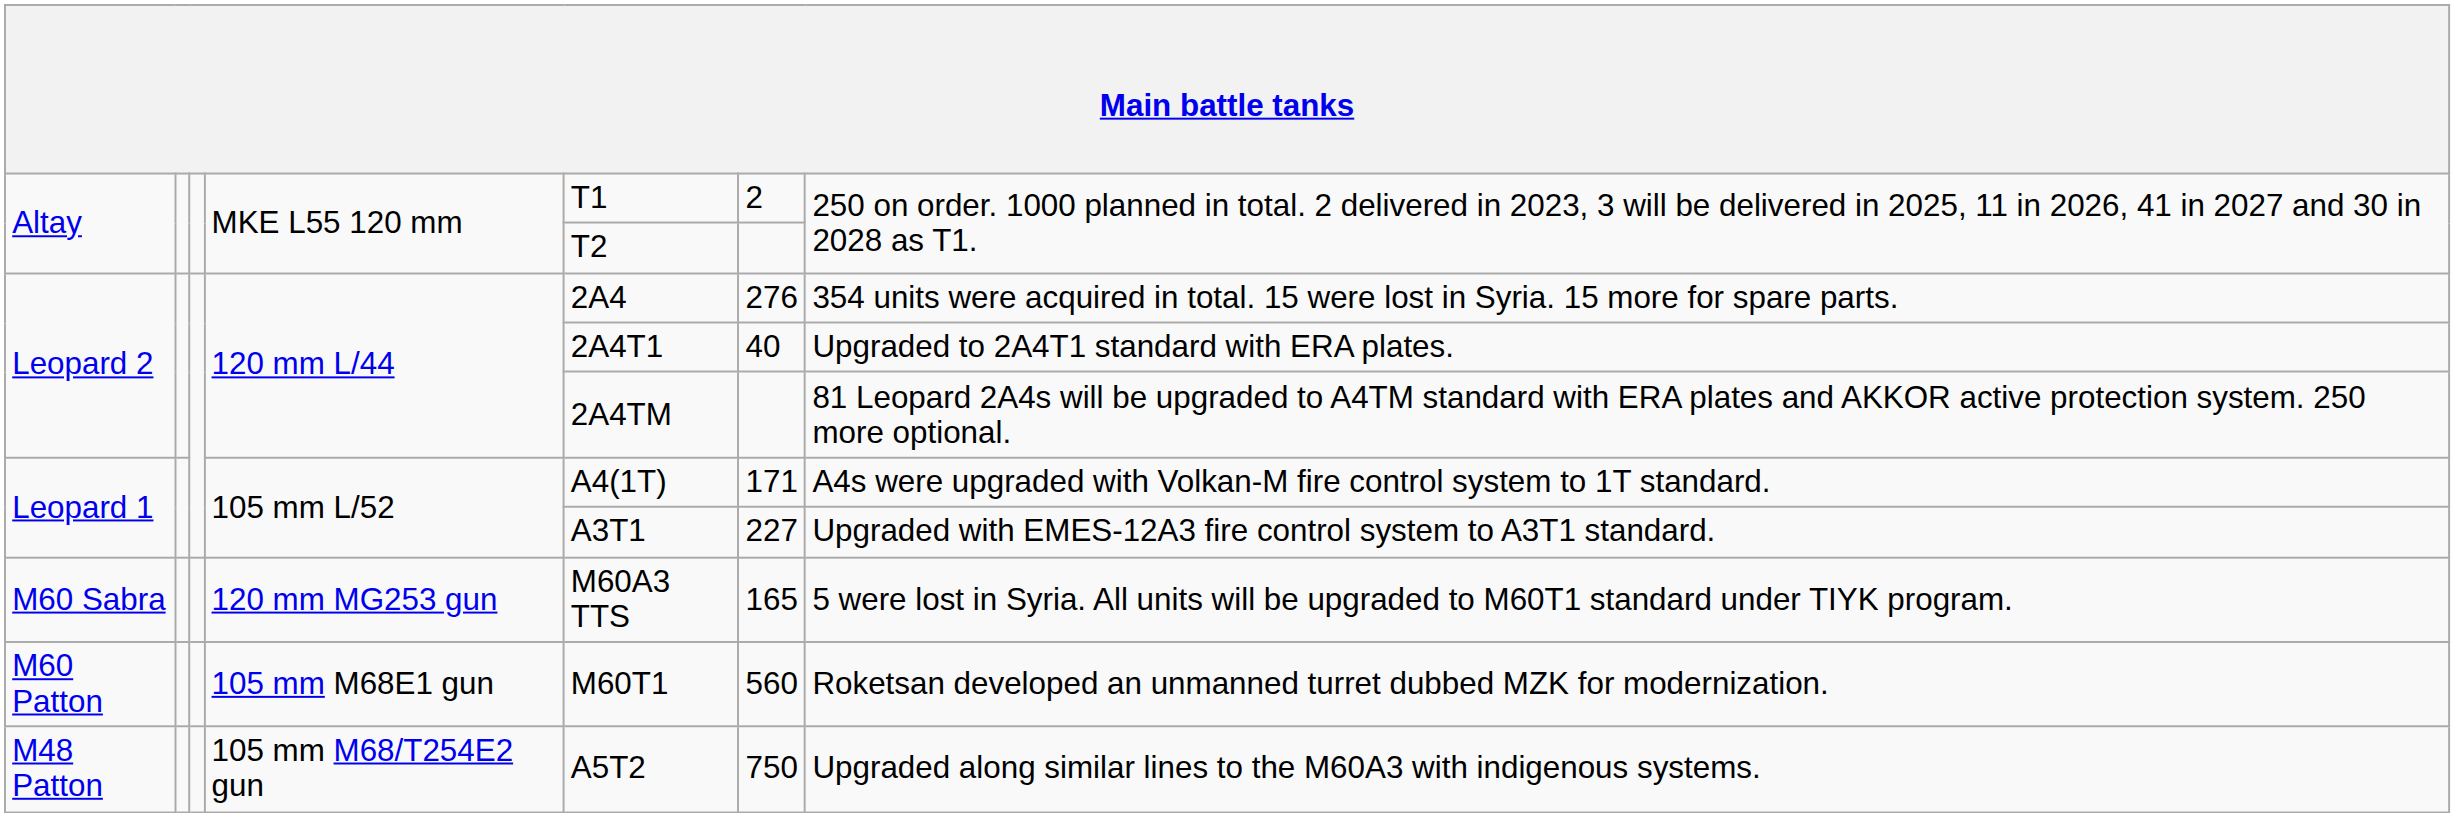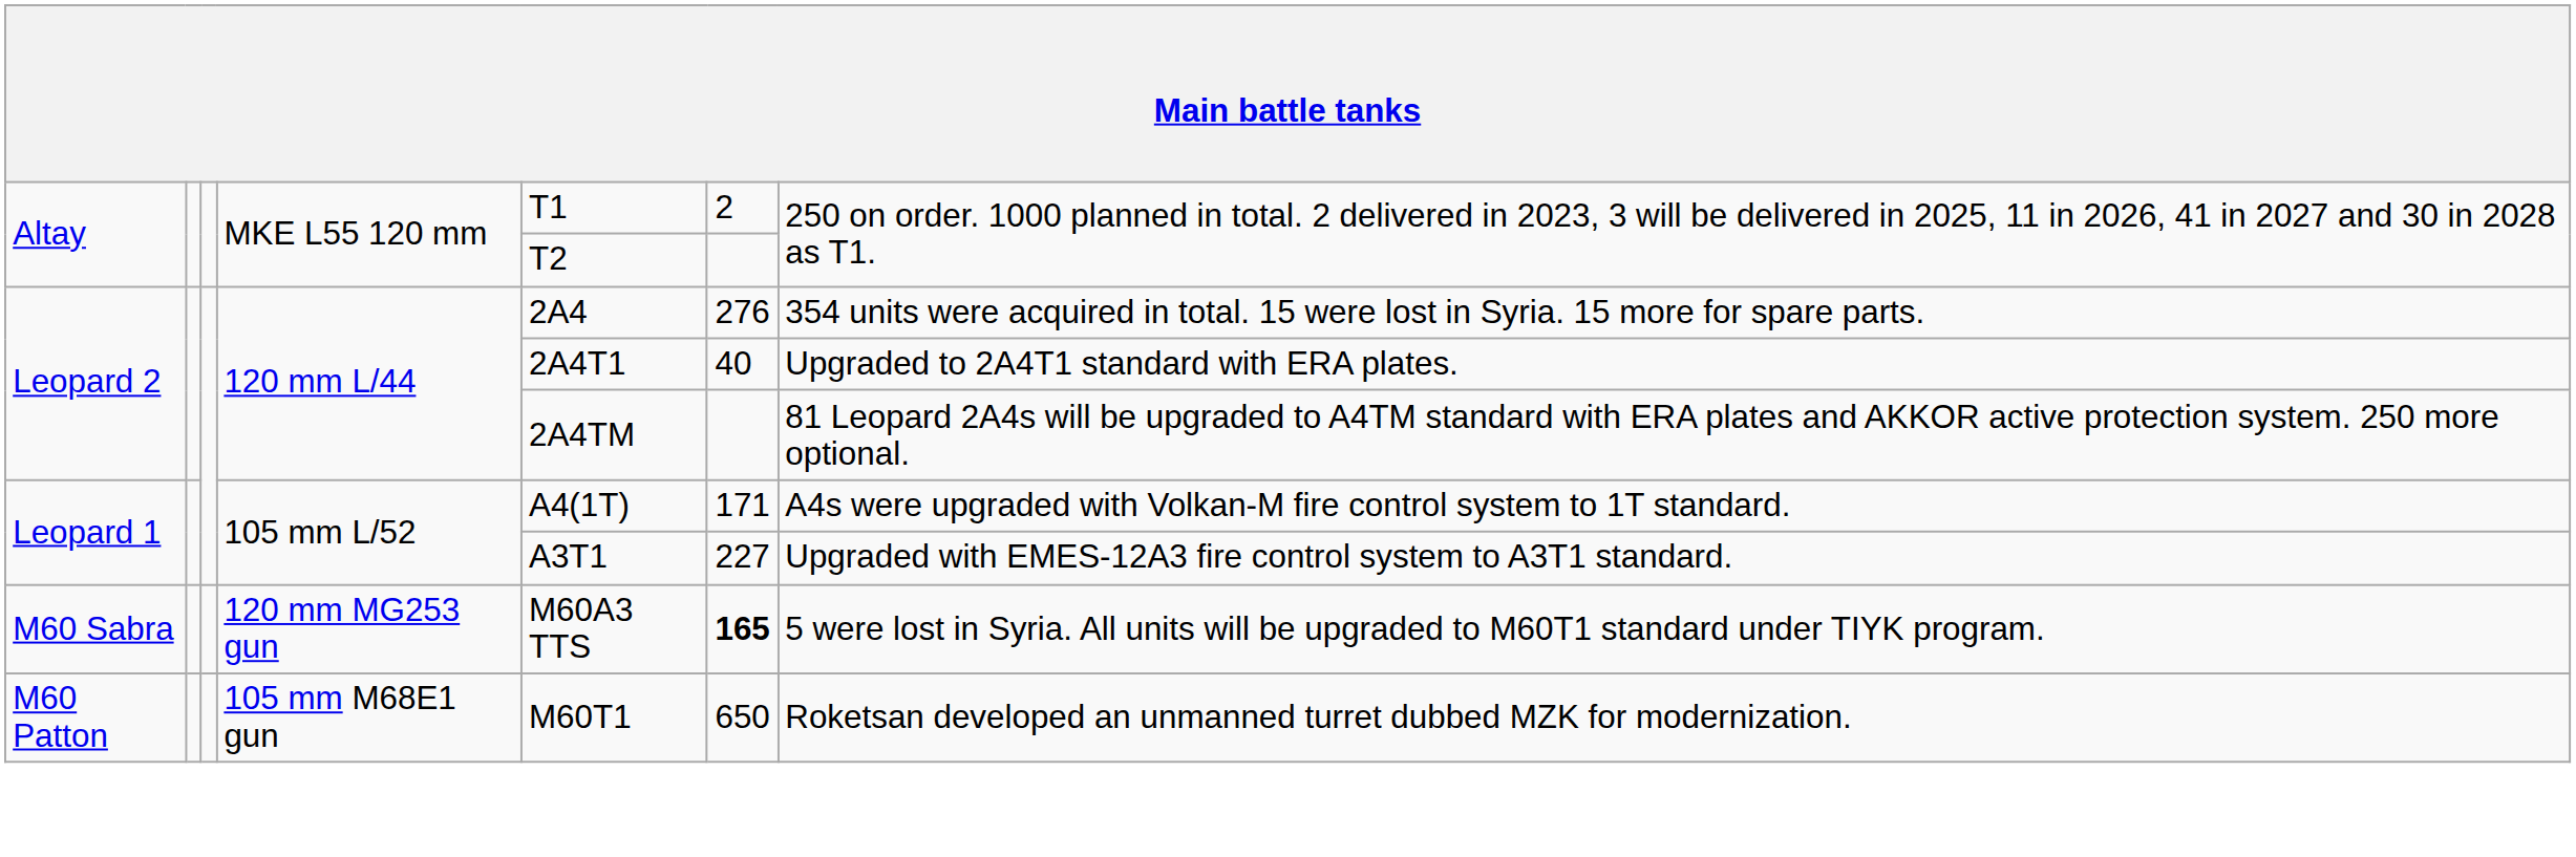 <table class="wikitable">
 <tr>
 <th colspan="7"><br><h4><a href='#'>Main battle tanks</a></h4></th>
 </tr>
 <tr>
 <td rowspan="2"><a href='#'>Altay</a></td>
 <td rowspan="2"></td>
 <td rowspan="2"></td>
 <td rowspan="2">MKE L55 120 mm</td>
 <td>T1</td>
 <td>2</td>
 <td rowspan="2">250 on order. 1000 planned in total. 2 delivered in 2023, 3 will be delivered in 2025, 11 in 2026, 41 in 2027 and 30 in 2028 as T1.</td>
 </tr>
 <tr>
 <td>T2</td>
 <td></td>
 </tr>
 <tr>
 <td rowspan="3"><a href='#'>Leopard 2</a></td>
 <td rowspan="3"></td>
 <td rowspan="5"></td>
 <td rowspan="3"><a href='#'>120 mm L/44</a></td>
 <td>2A4</td>
 <td>276</td>
 <td>354 units were acquired in total. 15 were lost in Syria. 15 more for spare parts.</td>
 </tr>
 <tr>
 <td>2A4T1</td>
 <td>40</td>
 <td>Upgraded to 2A4T1 standard with ERA plates.</td>
 </tr>
 <tr>
 <td>2A4TM</td>
 <td></td>
 <td>81 Leopard 2A4s will be upgraded to A4TM standard with ERA plates and AKKOR active protection system. 250 more optional.</td>
 </tr>
 <tr>
 <td rowspan="2"><a href='#'>Leopard 1</a></td>
 <td rowspan="2"></td>
 <td rowspan="2">105 mm L/52</td>
 <td>A4(1T)</td>
 <td>171</td>
 <td>A4s were upgraded with Volkan-M fire control system to 1T standard.</td>
 </tr>
 <tr>
 <td>A3T1</td>
 <td>227</td>
 <td>Upgraded with EMES-12A3 fire control system to A3T1 standard.</td>
 </tr>
 <tr>
 <td><a href='#'>M60 Sabra</a></td>
 <td></td>
 <td><br><br></td>
 <td><a href='#'>120 mm MG253 gun</a></td>
 <td>M60A3 TTS</td>
-<td>165</td>
+<td><strong>165</strong></td>
 <td>5 were lost in Syria. All units will be upgraded to M60T1 standard under TIYK program.</td>
 </tr>
 <tr>
 <td><a href='#'>M60 Patton</a></td>
 <td></td>
 <td></td>
 <td><a href='#'>105 mm</a> M68E1 gun</td>
 <td>M60T1</td>
-<td>560</td>
+<td>650</td>
 <td>Roketsan developed an unmanned turret dubbed MZK for modernization.</td>
 </tr>
-<tr>
-<td><a href='#'>M48 Patton</a></td>
-<td></td>
-<td><br></td>
-<td>105 mm <a href='#'>M68/T254E2</a> gun</td>
-<td>A5T2</td>
-<td>750</td>
-<td>Upgraded along similar lines to the M60A3 with indigenous systems.</td>
-</tr>
 </table>
